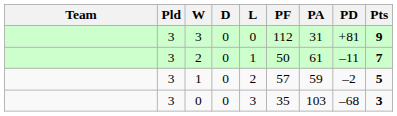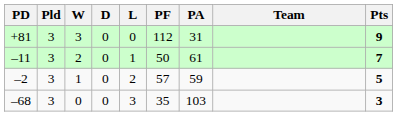 <table class="wikitable" style="text-align:center">
 <tr>
-<th width=175>Team</th>
+<th width=32 abbr="Points difference">PD</th>
 <th width=25 abbr="Played">Pld</th>
 <th width=25 abbr="Won">W</th>
 <th width=25 abbr="Drawn">D</th>
 <th width=25 abbr="Lost">L</th>
 <th width=32 abbr="Points for">PF</th>
 <th width=32 abbr="Points against">PA</th>
-<th width=32 abbr="Points difference">PD</th>
+<th width=175>Team</th>
 <th width=25 abbr="Points">Pts</th>
 </tr>
 <tr bgcolor=ccffcc>
-<td align=left></td>
+<td>+81</td>
 <td>3</td>
 <td>3</td>
 <td>0</td>
 <td>0</td>
 <td>112</td>
 <td>31</td>
-<td>+81</td>
+<td align=left></td>
 <td><strong>9</strong></td>
 </tr>
 <tr bgcolor=ccffcc>
-<td align=left></td>
+<td>–11</td>
 <td>3</td>
 <td>2</td>
 <td>0</td>
 <td>1</td>
 <td>50</td>
 <td>61</td>
-<td>–11</td>
+<td align=left></td>
 <td><strong>7</strong></td>
 </tr>
 <tr>
-<td align=left></td>
+<td>–2</td>
 <td>3</td>
 <td>1</td>
 <td>0</td>
 <td>2</td>
 <td>57</td>
 <td>59</td>
-<td>–2</td>
+<td align=left></td>
 <td><strong>5</strong></td>
 </tr>
 <tr>
-<td align=left></td>
+<td>–68</td>
 <td>3</td>
 <td>0</td>
 <td>0</td>
 <td>3</td>
 <td>35</td>
 <td>103</td>
-<td>–68</td>
+<td align=left></td>
 <td><strong>3</strong></td>
 </tr>
 </table>
